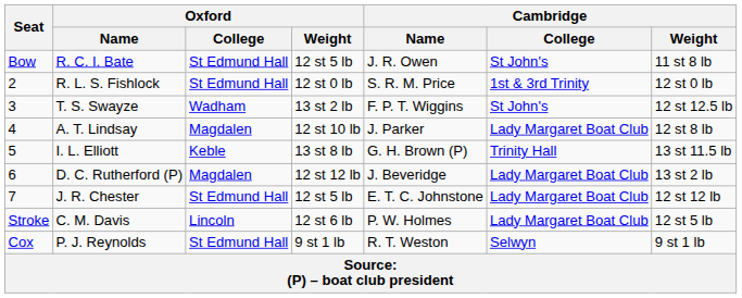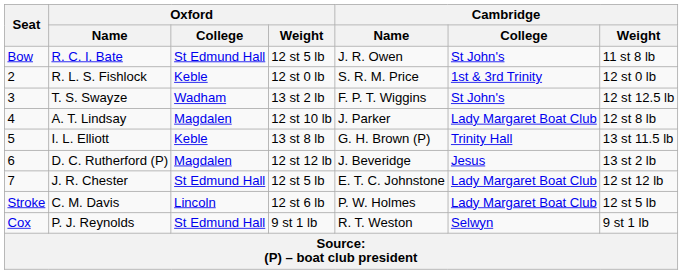 <table class="wikitable">
 <tr>
 <th rowspan="2" scope="col">Seat</th>
 <th colspan="3" scope="col">Oxford <br> </th>
 <th colspan="3" scope="col">Cambridge <br> </th>
 </tr>
 <tr>
 <th>Name</th>
 <th>College</th>
 <th>Weight</th>
 <th>Name</th>
 <th>College</th>
 <th>Weight</th>
 </tr>
 <tr>
 <td><a href='#'>Bow</a></td>
 <td><a href='#'>R. C. I. Bate</a></td>
 <td><a href='#'>St Edmund Hall</a></td>
 <td>12 st 5 lb</td>
 <td>J. R. Owen</td>
 <td><a href='#'>St John's</a></td>
 <td>11 st 8 lb</td>
 </tr>
 <tr>
 <td>2</td>
 <td>R. L. S. Fishlock</td>
-<td><a href='#'>St Edmund Hall</a></td>
+<td><a href='#'>Keble</a></td>
 <td>12 st 0 lb</td>
 <td>S. R. M. Price</td>
 <td><a href='#'>1st & 3rd Trinity</a></td>
 <td>12 st 0 lb</td>
 </tr>
 <tr>
 <td>3</td>
 <td>T. S. Swayze</td>
 <td><a href='#'>Wadham</a></td>
 <td>13 st 2 lb</td>
 <td>F. P. T. Wiggins</td>
 <td><a href='#'>St John's</a></td>
 <td>12 st 12.5 lb</td>
 </tr>
 <tr>
 <td>4</td>
 <td>A. T. Lindsay</td>
 <td><a href='#'>Magdalen</a></td>
 <td>12 st 10 lb</td>
 <td>J. Parker</td>
 <td><a href='#'>Lady Margaret Boat Club</a></td>
 <td>12 st 8 lb</td>
 </tr>
 <tr>
 <td>5</td>
 <td>I. L. Elliott</td>
 <td><a href='#'>Keble</a></td>
 <td>13 st 8 lb</td>
 <td>G. H. Brown (P)</td>
 <td><a href='#'>Trinity Hall</a></td>
 <td>13 st 11.5 lb</td>
 </tr>
 <tr>
 <td>6</td>
 <td>D. C. Rutherford (P)</td>
 <td><a href='#'>Magdalen</a></td>
 <td>12 st 12 lb</td>
 <td>J. Beveridge</td>
-<td><a href='#'>Lady Margaret Boat Club</a></td>
+<td><a href='#'>Jesus</a></td>
 <td>13 st 2 lb</td>
 </tr>
 <tr>
 <td>7</td>
 <td>J. R. Chester</td>
 <td><a href='#'>St Edmund Hall</a></td>
 <td>12 st 5 lb</td>
 <td>E. T. C. Johnstone</td>
 <td><a href='#'>Lady Margaret Boat Club</a></td>
 <td>12 st 12 lb</td>
 </tr>
 <tr>
 <td><a href='#'>Stroke</a></td>
 <td>C. M. Davis</td>
 <td><a href='#'>Lincoln</a></td>
 <td>12 st 6 lb</td>
 <td>P. W. Holmes</td>
 <td><a href='#'>Lady Margaret Boat Club</a></td>
 <td>12 st 5 lb</td>
 </tr>
 <tr>
 <td><a href='#'>Cox</a></td>
 <td>P. J. Reynolds</td>
 <td><a href='#'>St Edmund Hall</a></td>
 <td>9 st 1 lb</td>
 <td>R. T. Weston</td>
 <td><a href='#'>Selwyn</a></td>
 <td>9 st 1 lb</td>
 </tr>
 <tr>
 <th colspan="7">Source:<br>(P) – boat club president</th>
 </tr>
 </table>
